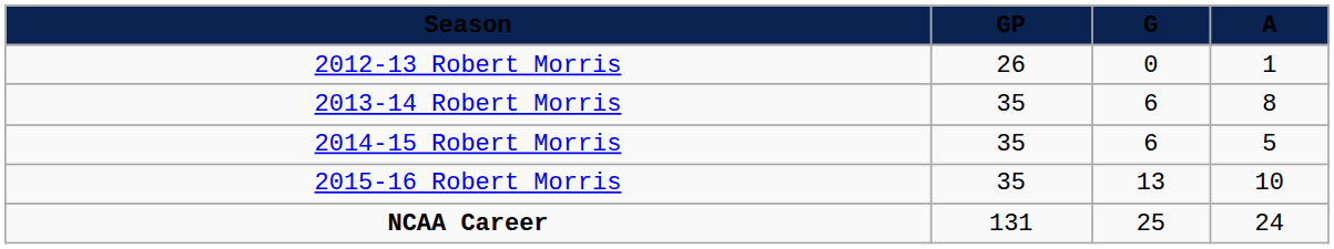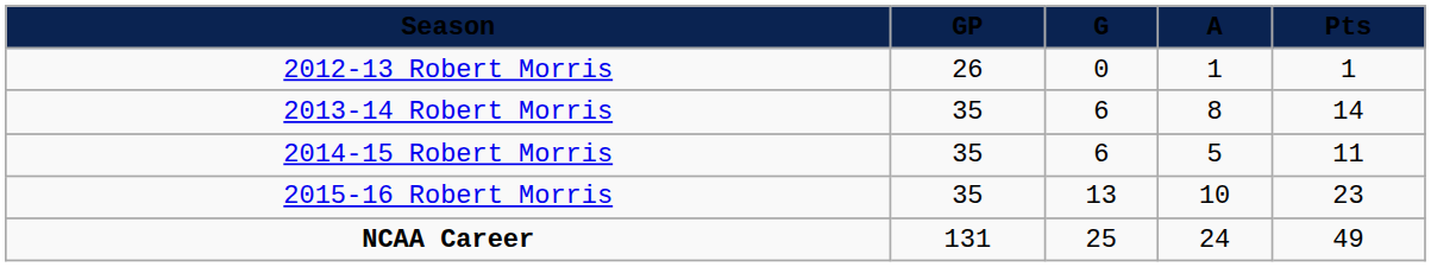 <table class="wikitable" width="80%">
 <tr style="text-align:center; background:#0a2351; ">
 <td><strong>Season</strong></td>
 <td><strong>GP</strong></td>
 <td><strong>G</strong></td>
 <td><strong>A</strong></td>
+<td><strong>Pts</strong></td>
 </tr>
 <tr align="center" bgcolor="">
 <td><a href='#'>2012-13 Robert Morris</a></td>
 <td>26</td>
 <td>0</td>
+<td>1</td>
 <td>1</td>
 </tr>
 <tr align="center" bgcolor="">
 <td><a href='#'>2013-14 Robert Morris</a></td>
 <td>35</td>
 <td>6</td>
 <td>8</td>
+<td>14</td>
 </tr>
 <tr align="center" bgcolor="">
 <td><a href='#'>2014-15 Robert Morris</a></td>
 <td>35</td>
 <td>6</td>
 <td>5</td>
+<td>11</td>
 </tr>
 <tr align="center" bgcolor="">
 <td><a href='#'>2015-16 Robert Morris</a></td>
 <td>35</td>
 <td>13</td>
 <td>10</td>
+<td>23</td>
 </tr>
 <tr align="center" bgcolor="">
 <td><strong>NCAA Career</strong></td>
 <td>131</td>
 <td>25</td>
 <td>24</td>
+<td>49</td>
 </tr>
 </table>
